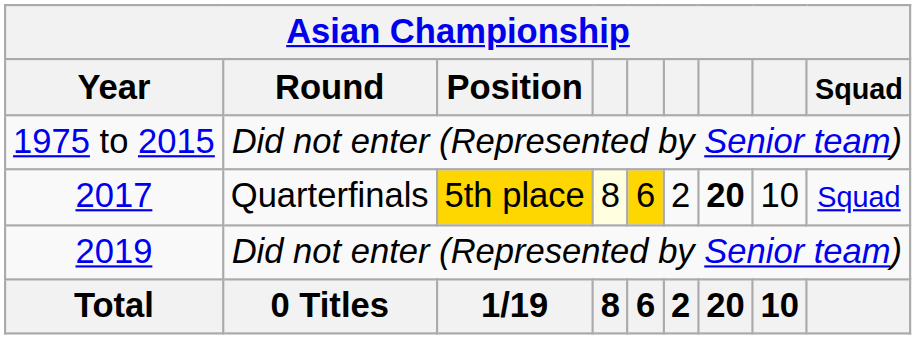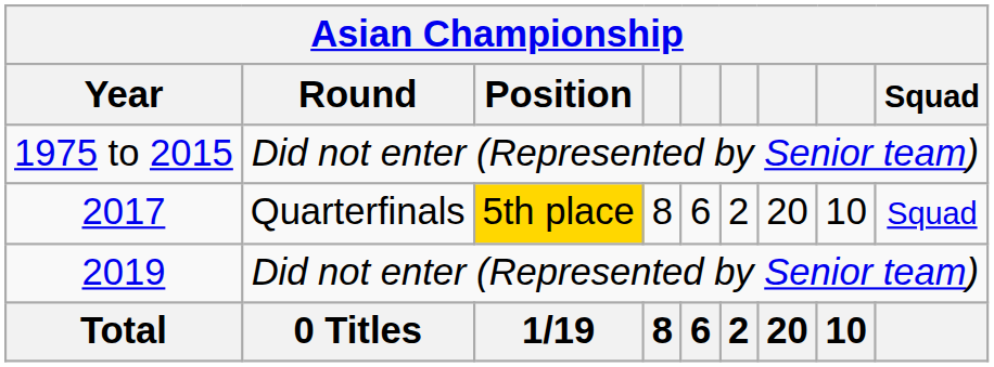 <table class="wikitable" style="text-align: center;">
 <tr>
 <th colspan=9><a href='#'>Asian Championship</a></th>
 </tr>
 <tr>
 <th>Year</th>
 <th>Round</th>
 <th>Position</th>
 <th></th>
 <th></th>
 <th></th>
 <th></th>
 <th></th>
 <th><small>Squad</small></th>
 </tr>
 <tr>
 <td> <a href='#'>1975</a> to  <a href='#'>2015</a></td>
 <td colspan=8><em>Did not enter (Represented by <a href='#'>Senior team</a>)</em></td>
 </tr>
 <tr>
 <td> <a href='#'>2017</a></td>
 <td>Quarterfinals</td>
 <td style="background: gold;">5th place</td>
-<td style="background: lightyellow;">8</td>
-<td style="background: gold;">6</td>
+<td>8</td>
+<td>6</td>
 <td>2</td>
-<td><strong>20</strong></td>
+<td>20</td>
 <td>10</td>
 <td><small><a href='#'>Squad</a></small></td>
 </tr>
 <tr>
 <td> <a href='#'>2019</a></td>
 <td colspan=8><em>Did not enter (Represented by <a href='#'>Senior team</a>)</em></td>
 </tr>
 <tr>
 <th>Total</th>
 <th>0 Titles</th>
 <th>1/19</th>
 <th>8</th>
 <th>6</th>
 <th>2</th>
 <th>20</th>
 <th>10</th>
 <th></th>
 </tr>
 </table>
